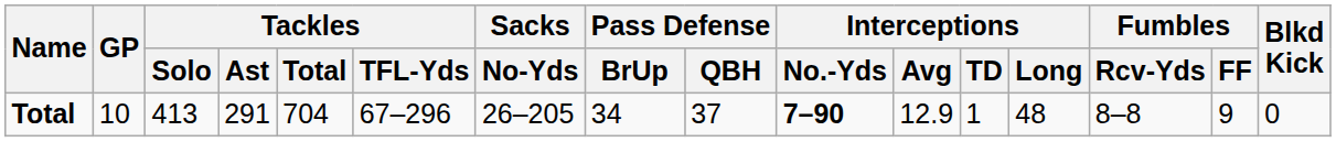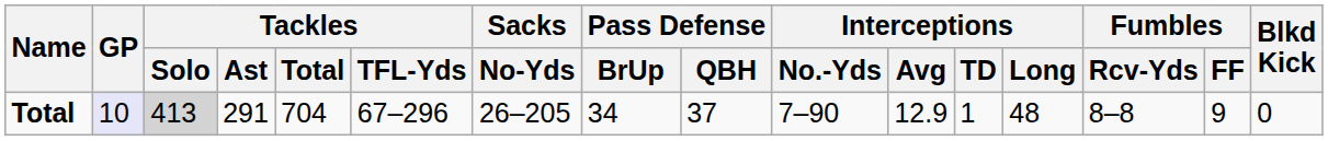 <table class="wikitable" style="white-space:nowrap">
 <tr>
 <th rowspan=2>Name</th>
 <th rowspan=2>GP</th>
 <th colspan=4>Tackles</th>
 <th>Sacks</th>
 <th colspan=2>Pass Defense</th>
 <th colspan=4>Interceptions</th>
 <th colspan=2>Fumbles</th>
 <th rowspan=2>Blkd<br>Kick</th>
 </tr>
 <tr>
 <th>Solo</th>
 <th>Ast</th>
 <th>Total</th>
 <th>TFL-Yds</th>
 <th>No-Yds</th>
 <th>BrUp</th>
 <th>QBH</th>
 <th>No.-Yds</th>
 <th>Avg</th>
 <th>TD</th>
 <th>Long</th>
 <th>Rcv-Yds</th>
 <th>FF</th>
 </tr>
 <tr>
 <td><strong>Total</strong></td>
-<td>10</td>
-<td>413</td>
+<td style="background: lavender;">10</td>
+<td style="background: lightgrey;">413</td>
 <td>291</td>
 <td>704</td>
 <td>67–296</td>
 <td>26–205</td>
 <td>34</td>
 <td>37</td>
-<td><strong>7–90</strong></td>
+<td>7–90</td>
 <td>12.9</td>
 <td>1</td>
 <td>48</td>
 <td>8–8</td>
 <td>9</td>
 <td>0</td>
 </tr>
 </table>
